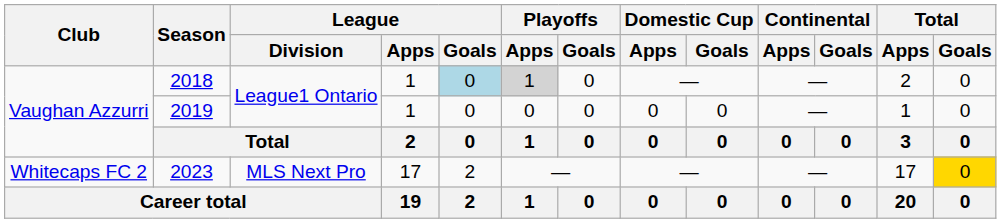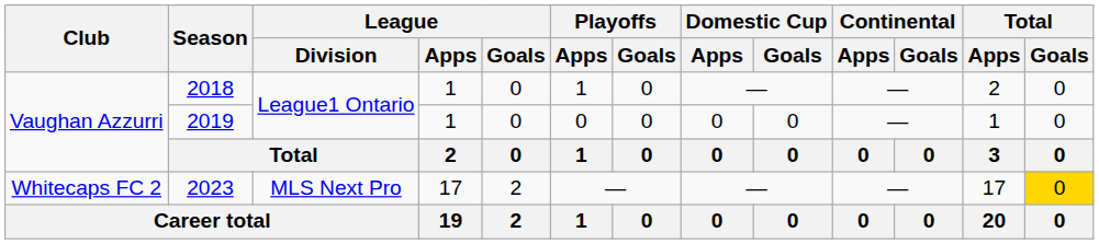 <table class="wikitable" style="text-align: center">
 <tr>
 <th rowspan="2">Club</th>
 <th rowspan="2">Season</th>
 <th colspan="3">League</th>
 <th colspan="2">Playoffs</th>
 <th colspan="2">Domestic Cup</th>
 <th colspan="2">Continental</th>
 <th colspan="2">Total</th>
 </tr>
 <tr>
 <th>Division</th>
 <th>Apps</th>
 <th>Goals</th>
 <th>Apps</th>
 <th>Goals</th>
 <th>Apps</th>
 <th>Goals</th>
 <th>Apps</th>
 <th>Goals</th>
 <th>Apps</th>
 <th>Goals</th>
 </tr>
 <tr>
 <td rowspan=3><a href='#'>Vaughan Azzurri</a></td>
 <td><a href='#'>2018</a></td>
 <td rowspan=2><a href='#'>League1 Ontario</a></td>
 <td>1</td>
-<td style="background: lightblue;">0</td>
-<td style="background: lightgrey;">1</td>
+<td>0</td>
+<td>1</td>
 <td>0</td>
 <td colspan="2">—</td>
 <td colspan="2">—</td>
 <td>2</td>
 <td>0</td>
 </tr>
 <tr>
 <td><a href='#'>2019</a></td>
 <td>1</td>
 <td>0</td>
 <td>0</td>
 <td>0</td>
 <td>0</td>
 <td>0</td>
 <td colspan="2">—</td>
 <td>1</td>
 <td>0</td>
 </tr>
 <tr>
 <th colspan="2"><strong>Total</strong></th>
 <th>2</th>
 <th>0</th>
 <th>1</th>
 <th>0</th>
 <th>0</th>
 <th>0</th>
 <th>0</th>
 <th>0</th>
 <th>3</th>
 <th>0</th>
 </tr>
 <tr>
 <td><a href='#'>Whitecaps FC 2</a></td>
 <td><a href='#'>2023</a></td>
 <td><a href='#'>MLS Next Pro</a></td>
 <td>17</td>
 <td>2</td>
 <td colspan="2">—</td>
 <td colspan="2">—</td>
 <td colspan="2">—</td>
 <td>17</td>
 <td style="background: gold;">0</td>
 </tr>
 <tr>
 <th colspan="3"><strong>Career total</strong></th>
 <th>19</th>
 <th>2</th>
 <th>1</th>
 <th>0</th>
 <th>0</th>
 <th>0</th>
 <th>0</th>
 <th>0</th>
 <th>20</th>
 <th>0</th>
 </tr>
 </table>
